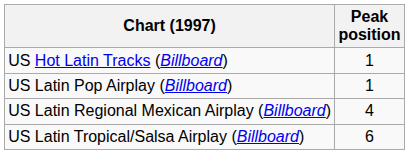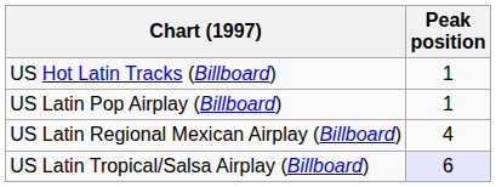 <table class="wikitable sortable plainrowheaders">
 <tr>
 <th align="left">Chart (1997)</th>
 <th align="left">Peak<br>position</th>
 </tr>
 <tr>
 <td align="left">US <a href='#'>Hot Latin Tracks</a> (<a href='#'><em>Billboard</em></a>) </td>
 <td align="center">1</td>
 </tr>
 <tr>
 <td align="left">US Latin Pop Airplay (<a href='#'><em>Billboard</em></a>) </td>
 <td align="center">1</td>
 </tr>
 <tr>
 <td align="left">US Latin Regional Mexican Airplay (<a href='#'><em>Billboard</em></a>) </td>
 <td align="center">4</td>
 </tr>
 <tr>
 <td align="left">US Latin Tropical/Salsa Airplay (<a href='#'><em>Billboard</em></a>) </td>
-<td align="center">6</td>
+<td align="center" style="background: lavender;">6</td>
 </tr>
 </table>
